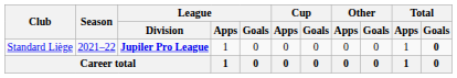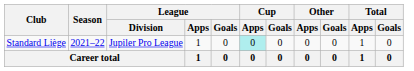 <table class="wikitable" style="text-align: center">
 <tr>
 <th rowspan="2">Club</th>
 <th rowspan="2">Season</th>
 <th colspan="3">League</th>
 <th colspan="2">Cup</th>
 <th colspan="2">Other</th>
 <th colspan="2">Total</th>
 </tr>
 <tr>
 <th>Division</th>
 <th>Apps</th>
 <th>Goals</th>
 <th>Apps</th>
 <th>Goals</th>
 <th>Apps</th>
 <th>Goals</th>
 <th>Apps</th>
 <th>Goals</th>
 </tr>
 <tr>
 <td><a href='#'>Standard Liège</a></td>
 <td><a href='#'>2021–22</a></td>
-<td><strong><a href='#'>Jupiler Pro League</a></strong></td>
+<td><a href='#'>Jupiler Pro League</a></td>
 <td>1</td>
 <td>0</td>
-<td>0</td>
+<td style="background: paleturquoise;">0</td>
 <td>0</td>
 <td>0</td>
 <td>0</td>
 <td>1</td>
-<td><strong>0</strong></td>
+<td>0</td>
 </tr>
 <tr>
 <th colspan=3>Career total</th>
 <th>1</th>
 <th>0</th>
 <th>0</th>
 <th>0</th>
 <th>0</th>
 <th>0</th>
 <th>1</th>
 <th>0</th>
 </tr>
 </table>
